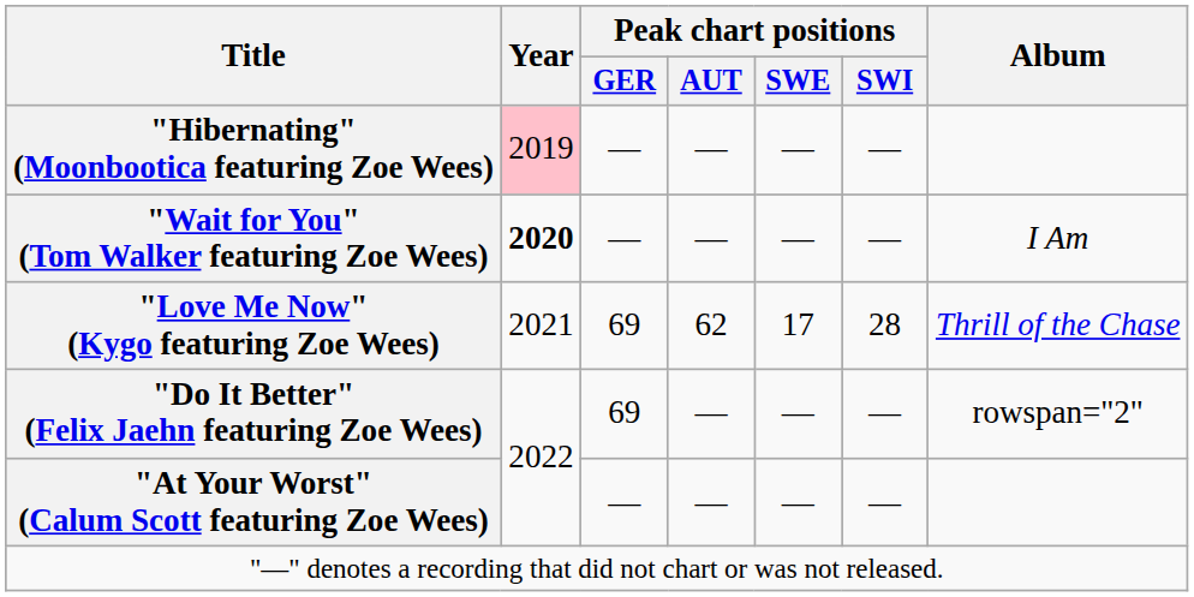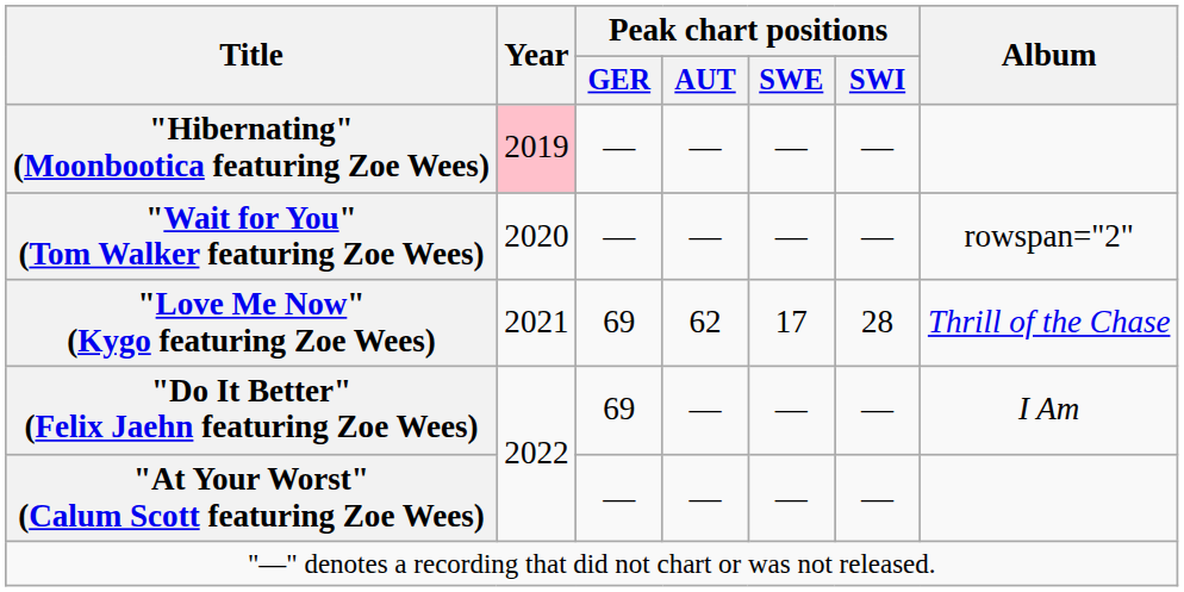 <table class="wikitable plainrowheaders" style="text-align:center;">
 <tr>
 <th scope="col" rowspan="2">Title</th>
 <th scope="col" rowspan="2">Year</th>
 <th colspan="4">Peak chart positions</th>
 <th scope="col" rowspan="2">Album</th>
 </tr>
 <tr>
 <th scope="col" style="width:2.5em;font-size:90%;"><a href='#'>GER</a><br></th>
 <th scope="col" style="width:2.5em;font-size:90%;"><a href='#'>AUT</a><br></th>
 <th scope="col" style="width:2.5em;font-size:90%;"><a href='#'>SWE</a><br></th>
 <th scope="col" style="width:2.5em;font-size:90%;"><a href='#'>SWI</a><br></th>
 </tr>
 <tr>
 <th scope="row">"Hibernating"<br><span>(<a href='#'>Moonbootica</a> featuring Zoe Wees)</span></th>
 <td style="background: pink;">2019</td>
 <td>—</td>
 <td>—</td>
 <td>—</td>
 <td>—</td>
 <td></td>
 </tr>
 <tr>
 <th scope="row">"<a href='#'>Wait for You</a>"<br><span>(<a href='#'>Tom Walker</a> featuring Zoe Wees)</span></th>
-<td><strong>2020</strong></td>
+<td>2020</td>
 <td>—</td>
 <td>—</td>
 <td>—</td>
 <td>—</td>
-<td><em>I Am</em></td>
+<td>rowspan="2" </td>
 </tr>
 <tr>
 <th scope="row">"<a href='#'>Love Me Now</a>"<br><span>(<a href='#'>Kygo</a> featuring Zoe Wees)</span></th>
 <td>2021</td>
 <td>69</td>
 <td>62</td>
 <td>17</td>
 <td>28</td>
 <td><em><a href='#'>Thrill of the Chase</a></em></td>
 </tr>
 <tr>
 <th scope="row">"Do It Better"<br><span>(<a href='#'>Felix Jaehn</a> featuring Zoe Wees)</span></th>
 <td rowspan="2">2022</td>
 <td>69</td>
 <td>—</td>
 <td>—</td>
 <td>—</td>
-<td>rowspan="2" </td>
+<td><em>I Am</em></td>
 </tr>
 <tr>
 <th scope="row">"At Your Worst"<br><span>(<a href='#'>Calum Scott</a> featuring Zoe Wees)</span></th>
 <td>—</td>
 <td>—</td>
 <td>—</td>
 <td>—</td>
 </tr>
 <tr>
 <td colspan="9" style="font-size:85%">"—" denotes a recording that did not chart or was not released.</td>
 </tr>
 </table>
